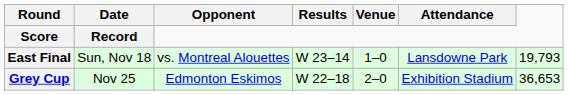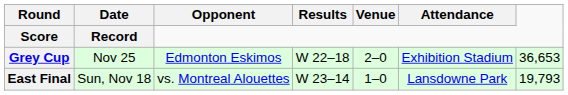 <table class="wikitable" style="text-align:center">
 <tr>
 <th>Round</th>
 <th>Date</th>
 <th>Opponent</th>
 <th>Results</th>
 <th>Venue</th>
 <th>Attendance</th>
 </tr>
 <tr>
 <th>Score</th>
 <th>Record</th>
 </tr>
 <tr style="background:#ddffdd">
+<th><a href='#'>Grey Cup</a></th>
+<td>Nov 25</td>
+<td><a href='#'>Edmonton Eskimos</a></td>
+<td>W 22–18</td>
+<td>2–0</td>
+<td><a href='#'>Exhibition Stadium</a></td>
+<td>36,653</td>
+</tr>
+<tr style="background:#ddffdd">
 <th>East Final</th>
 <td>Sun, Nov 18</td>
 <td>vs. <a href='#'>Montreal Alouettes</a></td>
 <td>W 23–14</td>
 <td>1–0</td>
 <td><a href='#'>Lansdowne Park</a></td>
 <td>19,793</td>
 </tr>
-<tr style="background:#ddffdd">
-<th><a href='#'>Grey Cup</a></th>
-<td>Nov 25</td>
-<td><a href='#'>Edmonton Eskimos</a></td>
-<td>W 22–18</td>
-<td>2–0</td>
-<td><a href='#'>Exhibition Stadium</a></td>
-<td>36,653</td>
-</tr>
 </table>
